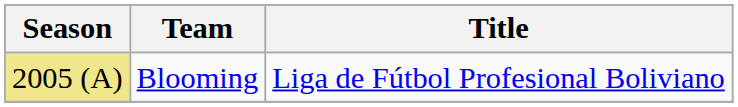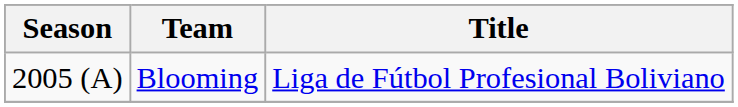 <table class="wikitable">
 <tr>
 <th>Season</th>
 <th>Team</th>
 <th>Title</th>
 </tr>
 <tr>
-<td style="background: khaki;">2005 (A)</td>
+<td>2005 (A)</td>
 <td><a href='#'>Blooming</a></td>
 <td><a href='#'>Liga de Fútbol Profesional Boliviano</a></td>
 </tr>
 <tr>
 </tr>
 </table>
